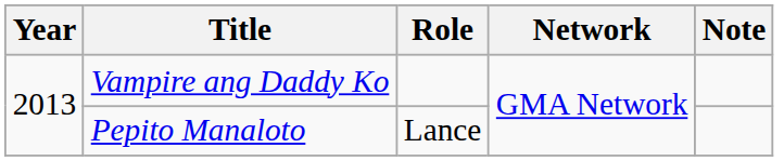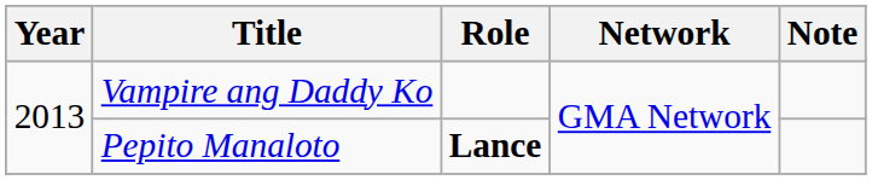 <table class="wikitable">
 <tr>
 <th>Year</th>
 <th>Title</th>
 <th>Role</th>
 <th>Network</th>
 <th>Note</th>
 </tr>
 <tr>
 <td rowspan="2">2013</td>
 <td><em><a href='#'>Vampire ang Daddy Ko</a></em></td>
 <td></td>
 <td rowspan="2"><a href='#'>GMA Network</a></td>
 <td></td>
 </tr>
 <tr>
 <td><em><a href='#'>Pepito Manaloto</a></em></td>
-<td>Lance</td>
+<td><strong>Lance</strong></td>
 <td></td>
 </tr>
 </table>
